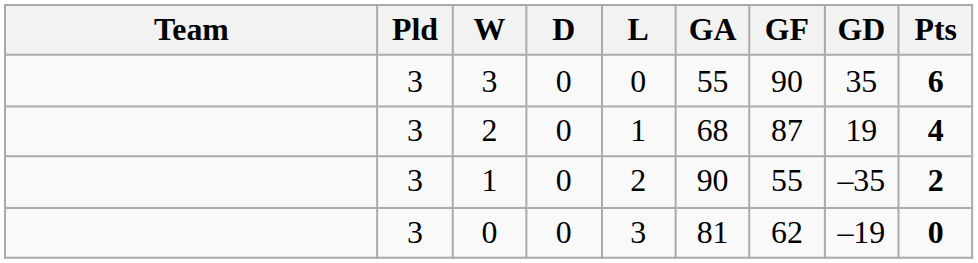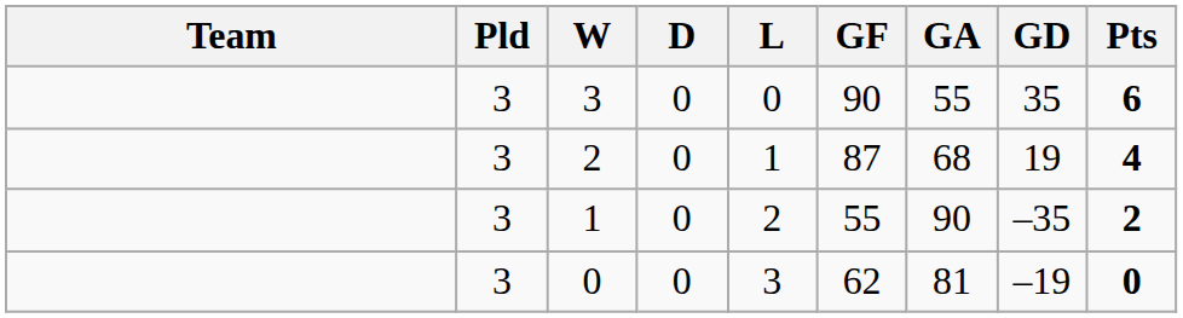 <table class="wikitable" style="text-align: center;">
 <tr>
 <th width="180">Team</th>
 <th width="30">Pld</th>
 <th width="30">W</th>
 <th width="30">D</th>
 <th width="30">L</th>
+<th width="30">GF</th>
 <th width="30">GA</th>
-<th width="30">GF</th>
 <th width="30">GD</th>
 <th width="30">Pts</th>
 </tr>
 <tr>
 <td align="left"></td>
 <td>3</td>
 <td>3</td>
 <td>0</td>
 <td>0</td>
+<td>90</td>
 <td>55</td>
-<td>90</td>
 <td>35</td>
 <td><strong>6</strong></td>
 </tr>
 <tr>
 <td align="left"></td>
 <td>3</td>
 <td>2</td>
 <td>0</td>
 <td>1</td>
+<td>87</td>
 <td>68</td>
-<td>87</td>
 <td>19</td>
 <td><strong>4</strong></td>
 </tr>
 <tr>
 <td align="left"></td>
 <td>3</td>
 <td>1</td>
 <td>0</td>
 <td>2</td>
+<td>55</td>
 <td>90</td>
-<td>55</td>
 <td>–35</td>
 <td><strong>2</strong></td>
 </tr>
 <tr>
 <td align="left"></td>
 <td>3</td>
 <td>0</td>
 <td>0</td>
 <td>3</td>
+<td>62</td>
 <td>81</td>
-<td>62</td>
 <td>–19</td>
 <td><strong>0</strong></td>
 </tr>
 </table>
